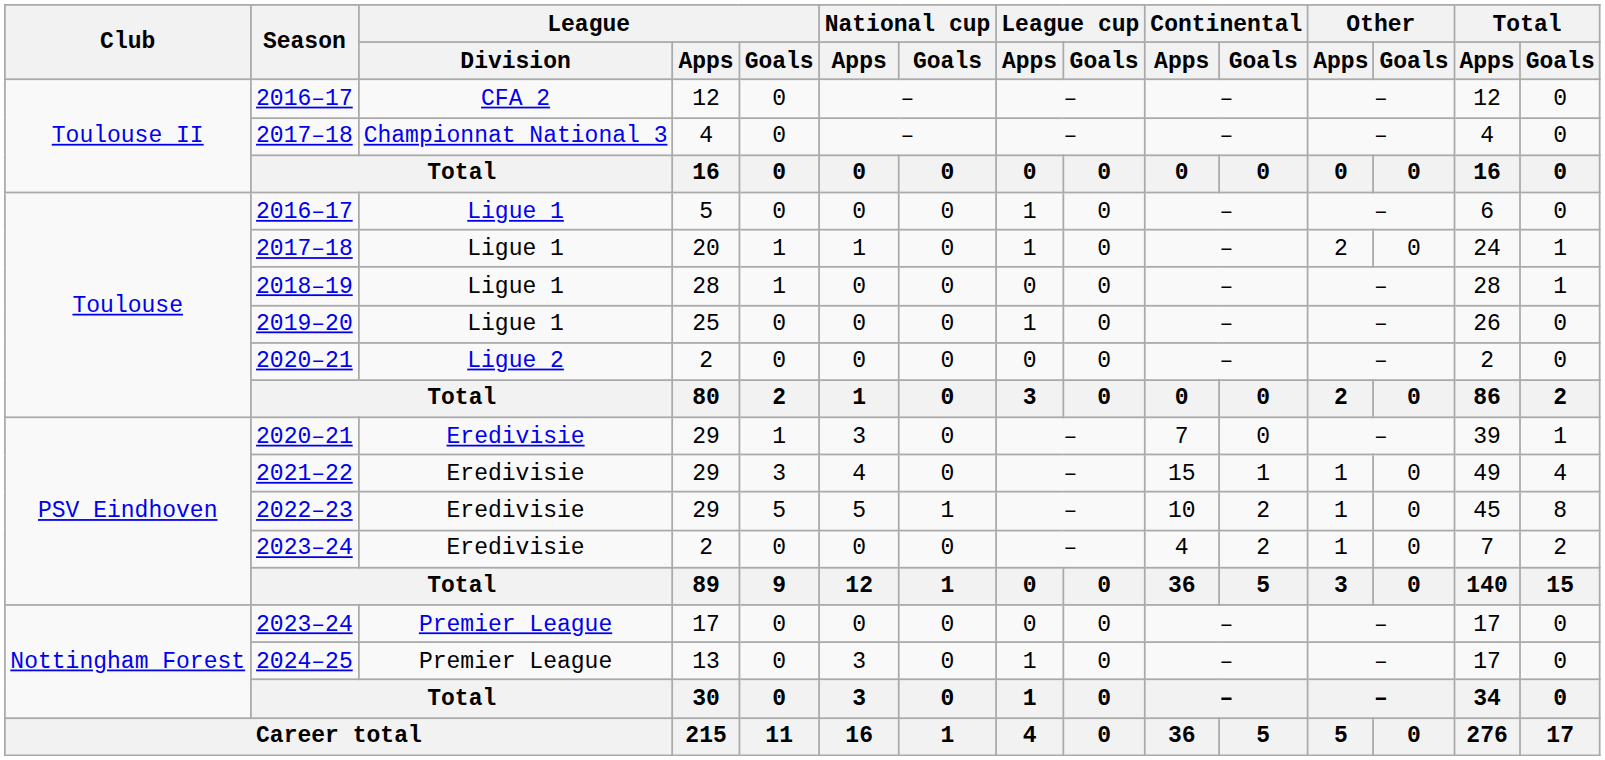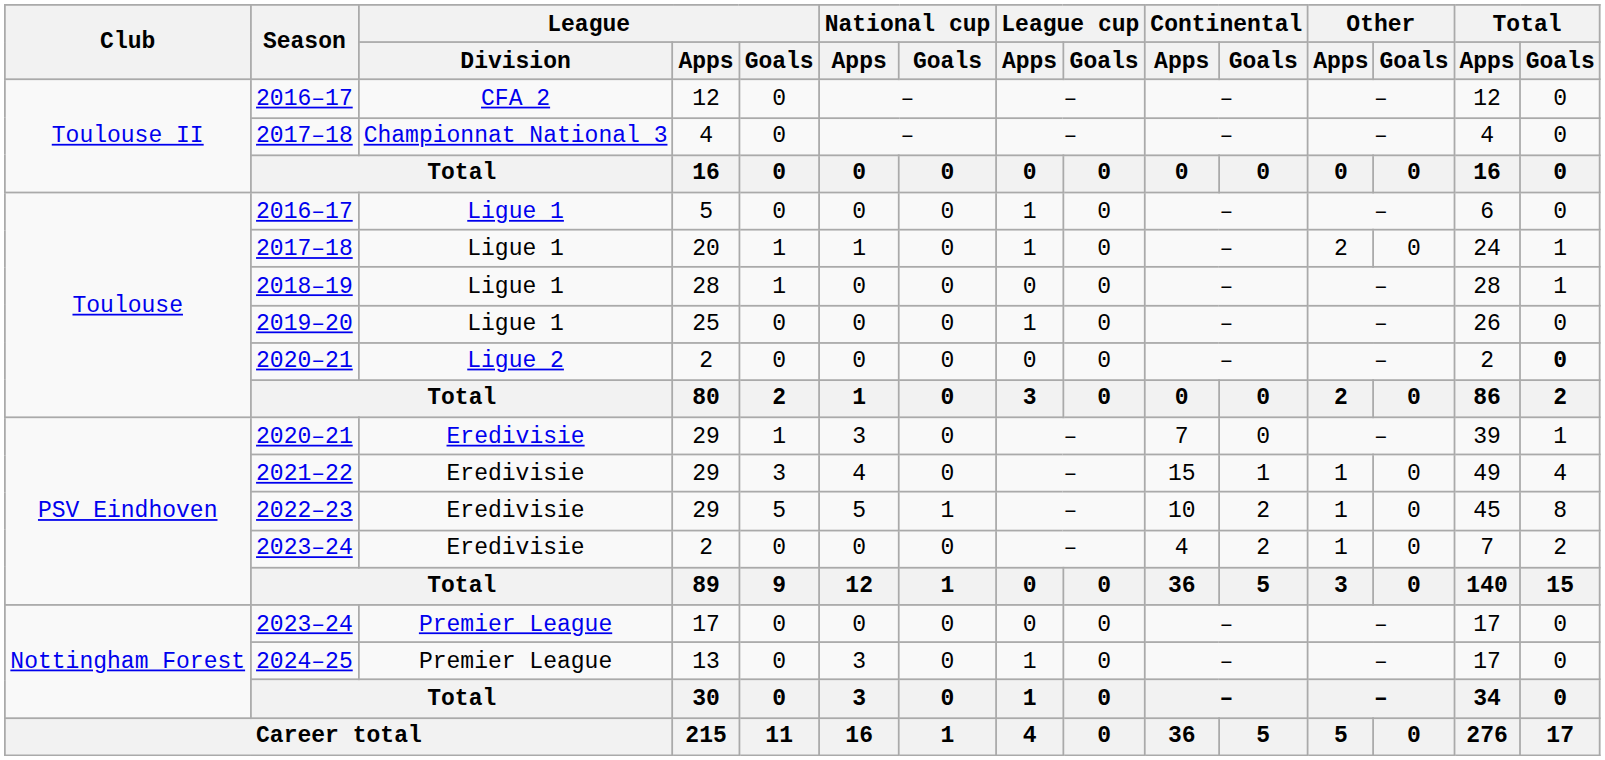 <table class="wikitable" style="text-align:center">
 <tr>
 <th rowspan="2">Club</th>
 <th rowspan="2">Season</th>
 <th colspan="3">League</th>
 <th colspan="2">National cup</th>
 <th colspan="2">League cup</th>
 <th colspan="2">Continental</th>
 <th colspan="2">Other</th>
 <th colspan="2">Total</th>
 </tr>
 <tr>
 <th>Division</th>
 <th>Apps</th>
 <th>Goals</th>
 <th>Apps</th>
 <th>Goals</th>
 <th>Apps</th>
 <th>Goals</th>
 <th>Apps</th>
 <th>Goals</th>
 <th>Apps</th>
 <th>Goals</th>
 <th>Apps</th>
 <th>Goals</th>
 </tr>
 <tr>
 <td rowspan="3"><a href='#'>Toulouse II</a></td>
 <td><a href='#'>2016–17</a></td>
 <td><a href='#'>CFA 2</a></td>
 <td>12</td>
 <td>0</td>
 <td colspan="2">–</td>
 <td colspan="2">–</td>
 <td colspan="2">–</td>
 <td colspan="2">–</td>
 <td>12</td>
 <td>0</td>
 </tr>
 <tr>
 <td><a href='#'>2017–18</a></td>
 <td><a href='#'>Championnat National 3</a></td>
 <td>4</td>
 <td>0</td>
 <td colspan="2">–</td>
 <td colspan="2">–</td>
 <td colspan="2">–</td>
 <td colspan="2">–</td>
 <td>4</td>
 <td>0</td>
 </tr>
 <tr>
 <th colspan="2">Total</th>
 <th>16</th>
 <th>0</th>
 <th>0</th>
 <th>0</th>
 <th>0</th>
 <th>0</th>
 <th>0</th>
 <th>0</th>
 <th>0</th>
 <th>0</th>
 <th>16</th>
 <th>0</th>
 </tr>
 <tr>
 <td rowspan="6"><a href='#'>Toulouse</a></td>
 <td><a href='#'>2016–17</a></td>
 <td><a href='#'>Ligue 1</a></td>
 <td>5</td>
 <td>0</td>
 <td>0</td>
 <td>0</td>
 <td>1</td>
 <td>0</td>
 <td colspan="2">–</td>
 <td colspan="2">–</td>
 <td>6</td>
 <td>0</td>
 </tr>
 <tr>
 <td><a href='#'>2017–18</a></td>
 <td>Ligue 1</td>
 <td>20</td>
 <td>1</td>
 <td>1</td>
 <td>0</td>
 <td>1</td>
 <td>0</td>
 <td colspan="2">–</td>
 <td>2</td>
 <td>0</td>
 <td>24</td>
 <td>1</td>
 </tr>
 <tr>
 <td><a href='#'>2018–19</a></td>
 <td>Ligue 1</td>
 <td>28</td>
 <td>1</td>
 <td>0</td>
 <td>0</td>
 <td>0</td>
 <td>0</td>
 <td colspan="2">–</td>
 <td colspan="2">–</td>
 <td>28</td>
 <td>1</td>
 </tr>
 <tr>
 <td><a href='#'>2019–20</a></td>
 <td>Ligue 1</td>
 <td>25</td>
 <td>0</td>
 <td>0</td>
 <td>0</td>
 <td>1</td>
 <td>0</td>
 <td colspan="2">–</td>
 <td colspan="2">–</td>
 <td>26</td>
 <td>0</td>
 </tr>
 <tr>
 <td><a href='#'>2020–21</a></td>
 <td><a href='#'>Ligue 2</a></td>
 <td>2</td>
 <td>0</td>
 <td>0</td>
 <td>0</td>
 <td>0</td>
 <td>0</td>
 <td colspan="2">–</td>
 <td colspan="2">–</td>
 <td>2</td>
-<td>0</td>
+<td><strong>0</strong></td>
 </tr>
 <tr>
 <th colspan="2">Total</th>
 <th>80</th>
 <th>2</th>
 <th>1</th>
 <th>0</th>
 <th>3</th>
 <th>0</th>
 <th>0</th>
 <th>0</th>
 <th>2</th>
 <th>0</th>
 <th>86</th>
 <th>2</th>
 </tr>
 <tr>
 <td rowspan="5"><a href='#'>PSV Eindhoven</a></td>
 <td><a href='#'>2020–21</a></td>
 <td><a href='#'>Eredivisie</a></td>
 <td>29</td>
 <td>1</td>
 <td>3</td>
 <td>0</td>
 <td colspan="2">–</td>
 <td>7</td>
 <td>0</td>
 <td colspan="2">–</td>
 <td>39</td>
 <td>1</td>
 </tr>
 <tr>
 <td><a href='#'>2021–22</a></td>
 <td>Eredivisie</td>
 <td>29</td>
 <td>3</td>
 <td>4</td>
 <td>0</td>
 <td colspan="2">–</td>
 <td>15</td>
 <td>1</td>
 <td>1</td>
 <td>0</td>
 <td>49</td>
 <td>4</td>
 </tr>
 <tr>
 <td><a href='#'>2022–23</a></td>
 <td>Eredivisie</td>
 <td>29</td>
 <td>5</td>
 <td>5</td>
 <td>1</td>
 <td colspan="2">–</td>
 <td>10</td>
 <td>2</td>
 <td>1</td>
 <td>0</td>
 <td>45</td>
 <td>8</td>
 </tr>
 <tr>
 <td><a href='#'>2023–24</a></td>
 <td>Eredivisie</td>
 <td>2</td>
 <td>0</td>
 <td>0</td>
 <td>0</td>
 <td colspan="2">–</td>
 <td>4</td>
 <td>2</td>
 <td>1</td>
 <td>0</td>
 <td>7</td>
 <td>2</td>
 </tr>
 <tr>
 <th colspan="2">Total</th>
 <th>89</th>
 <th>9</th>
 <th>12</th>
 <th>1</th>
 <th>0</th>
 <th>0</th>
 <th>36</th>
 <th>5</th>
 <th>3</th>
 <th>0</th>
 <th>140</th>
 <th>15</th>
 </tr>
 <tr>
 <td rowspan="3"><a href='#'>Nottingham Forest</a></td>
 <td><a href='#'>2023–24</a></td>
 <td><a href='#'>Premier League</a></td>
 <td>17</td>
 <td>0</td>
 <td>0</td>
 <td>0</td>
 <td>0</td>
 <td>0</td>
 <td colspan="2">–</td>
 <td colspan="2">–</td>
 <td>17</td>
 <td>0</td>
 </tr>
 <tr>
 <td><a href='#'>2024–25</a></td>
 <td>Premier League</td>
 <td>13</td>
 <td>0</td>
 <td>3</td>
 <td>0</td>
 <td>1</td>
 <td>0</td>
 <td colspan="2">–</td>
 <td colspan="2">–</td>
 <td>17</td>
 <td>0</td>
 </tr>
 <tr>
 <th colspan="2">Total</th>
 <th>30</th>
 <th>0</th>
 <th>3</th>
 <th>0</th>
 <th>1</th>
 <th>0</th>
 <th colspan="2">–</th>
 <th colspan="2">–</th>
 <th>34</th>
 <th>0</th>
 </tr>
 <tr>
 <th colspan="3">Career total</th>
 <th>215</th>
 <th>11</th>
 <th>16</th>
 <th>1</th>
 <th>4</th>
 <th>0</th>
 <th>36</th>
 <th>5</th>
 <th>5</th>
 <th>0</th>
 <th>276</th>
 <th>17</th>
 </tr>
 </table>
